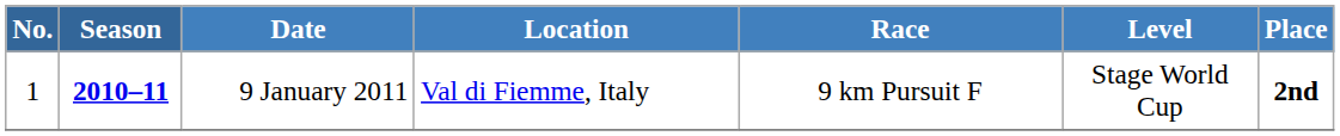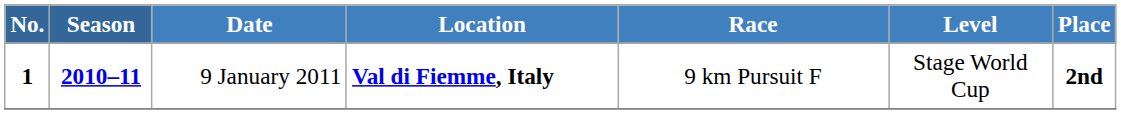 <table class="wikitable sortable" style="font-size:95%; text-align:center; border:grey solid 1px; border-collapse:collapse; background:#ffffff;">
 <tr style="background:#efefef;">
 <th style="background-color:#369; color:white;">No.</th>
 <th style="background-color:#369; color:white;">Season</th>
 <th style="background-color:#4180be; color:white; width:120px;">Date</th>
 <th style="background-color:#4180be; color:white; width:170px;">Location</th>
 <th style="background-color:#4180be; color:white; width:170px;">Race</th>
 <th style="background-color:#4180be; color:white; width:100px;">Level</th>
 <th style="background-color:#4180be; color:white;">Place</th>
 </tr>
 <tr>
-<td align=center>1</td>
+<td align=center><strong>1</strong></td>
 <td rowspan=1 align=center><strong> <a href='#'>2010–11</a> </strong></td>
 <td align=right>9 January 2011</td>
-<td align=left> <a href='#'>Val di Fiemme</a>, Italy</td>
+<td align=left><strong> <a href='#'>Val di Fiemme</a>, Italy</strong></td>
 <td>9 km Pursuit F</td>
 <td>Stage World Cup</td>
 <td><strong>2nd</strong></td>
 </tr>
 <tr>
 </tr>
 </table>
